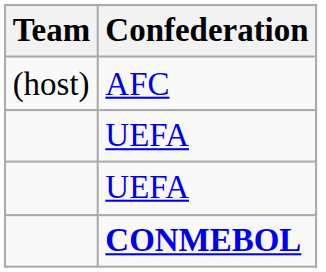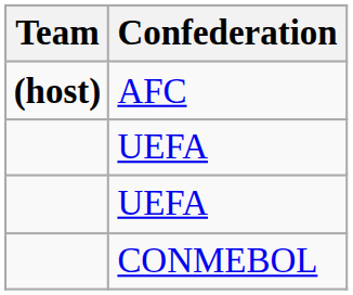 <table class="wikitable sortable" style="text-align: left;">
 <tr>
 <th>Team</th>
 <th>Confederation</th>
 </tr>
 <tr>
-<td> (host)</td>
+<td><strong> (host)</strong></td>
 <td><a href='#'>AFC</a></td>
 </tr>
 <tr>
 <td></td>
 <td><a href='#'>UEFA</a></td>
 </tr>
 <tr>
 <td></td>
 <td><a href='#'>UEFA</a></td>
 </tr>
 <tr>
 <td></td>
-<td><strong><a href='#'>CONMEBOL</a></strong></td>
+<td><a href='#'>CONMEBOL</a></td>
 </tr>
 </table>
